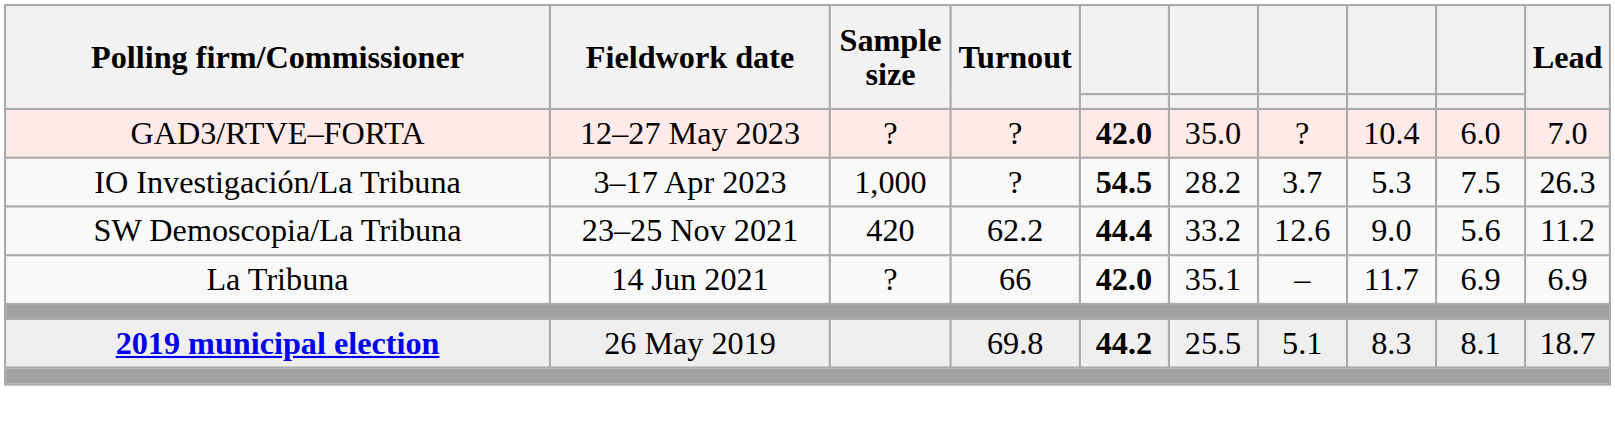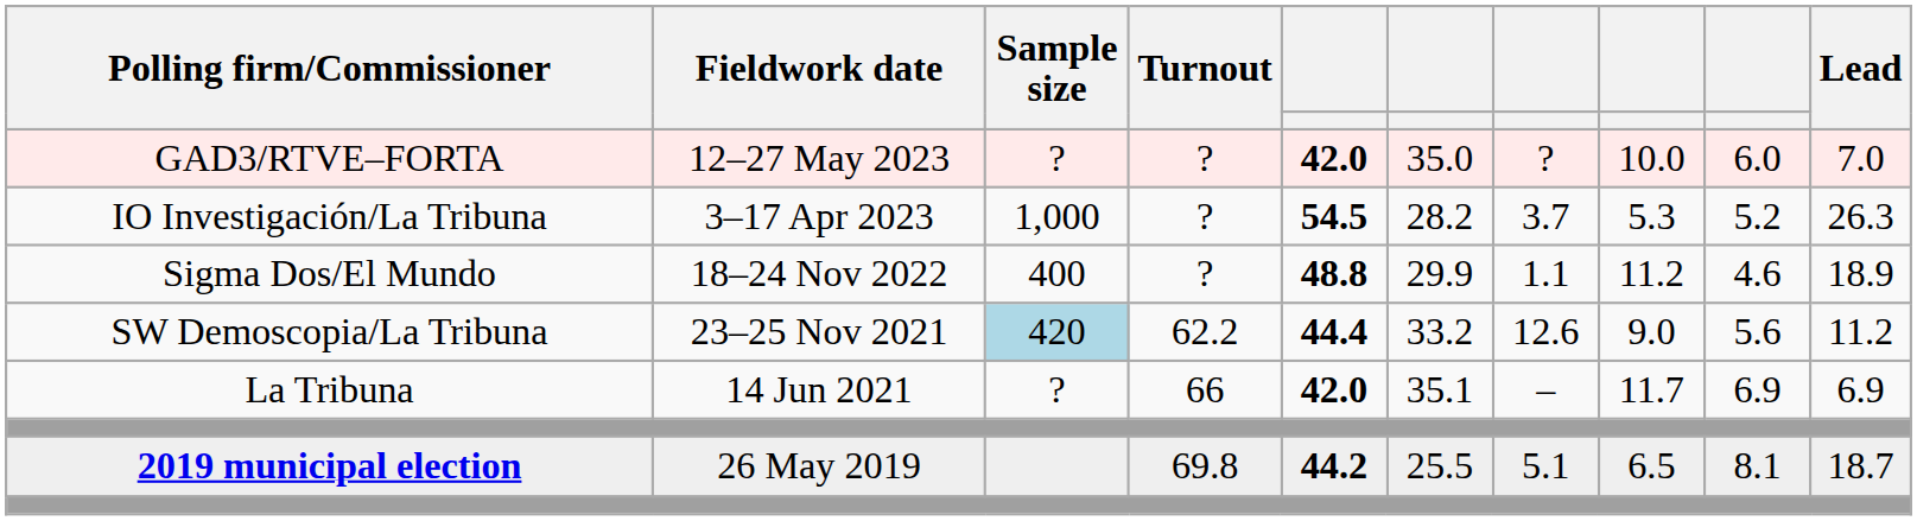 <table class="wikitable collapsible collapsed" style="text-align:center; font-size:95%; line-height:16px;">
 <tr style="height:42px;">
 <th style="width:250px;" rowspan="2">Polling firm/Commissioner</th>
 <th style="width:125px;" rowspan="2">Fieldwork date</th>
 <th style="width:50px;" rowspan="2">Sample size</th>
 <th style="width:45px;" rowspan="2">Turnout</th>
 <th style="width:35px;"></th>
 <th style="width:35px;"></th>
 <th style="width:35px;"></th>
 <th style="width:35px;"></th>
 <th style="width:35px;"></th>
 <th style="width:30px;" rowspan="2">Lead</th>
 </tr>
 <tr>
 <th style="color:inherit;background:"></th>
 <th style="color:inherit;background:"></th>
 <th style="color:inherit;background:"></th>
 <th style="color:inherit;background:"></th>
 <th style="color:inherit;background:"></th>
 </tr>
 <tr style="background:#FFEAEA;">
 <td>GAD3/RTVE–FORTA</td>
 <td>12–27 May 2023</td>
 <td>?</td>
 <td>?</td>
 <td><strong>42.0</strong><br></td>
 <td>35.0<br></td>
 <td>?<br></td>
-<td>10.4<br></td>
+<td>10.0<br></td>
 <td>6.0<br></td>
 <td style="background:">7.0</td>
 </tr>
 <tr>
 <td>IO Investigación/La Tribuna</td>
 <td>3–17 Apr 2023</td>
 <td>1,000</td>
 <td>?</td>
 <td><strong>54.5</strong><br></td>
 <td>28.2<br></td>
 <td>3.7<br></td>
 <td>5.3<br></td>
-<td>7.5<br></td>
+<td>5.2<br></td>
 <td style="background:">26.3</td>
+</tr>
+<tr>
+<td>Sigma Dos/El Mundo</td>
+<td>18–24 Nov 2022</td>
+<td>400</td>
+<td>?</td>
+<td><strong>48.8</strong><br></td>
+<td>29.9<br></td>
+<td>1.1<br></td>
+<td>11.2<br></td>
+<td>4.6<br></td>
+<td style="background:">18.9</td>
 </tr>
 <tr>
 <td>SW Demoscopia/La Tribuna</td>
 <td>23–25 Nov 2021</td>
-<td>420</td>
+<td style="background: lightblue;">420</td>
 <td>62.2</td>
 <td><strong>44.4</strong><br></td>
 <td>33.2<br></td>
 <td>12.6<br></td>
 <td>9.0<br></td>
 <td>5.6<br></td>
 <td style="background:">11.2</td>
 </tr>
 <tr>
 <td>La Tribuna</td>
 <td>14 Jun 2021</td>
 <td>?</td>
 <td>66</td>
 <td><strong>42.0</strong><br></td>
 <td>35.1<br></td>
 <td>–</td>
 <td>11.7<br></td>
 <td>6.9<br></td>
 <td style="background:">6.9</td>
 </tr>
 <tr>
 <td colspan="10" style="background:#A0A0A0"></td>
 </tr>
 <tr style="background:#EFEFEF;">
 <td><strong><a href='#'>2019 municipal election</a></strong></td>
 <td>26 May 2019</td>
 <td></td>
 <td>69.8</td>
 <td><strong>44.2</strong><br></td>
 <td>25.5<br></td>
 <td>5.1<br></td>
-<td>8.3<br></td>
+<td>6.5<br></td>
 <td>8.1<br></td>
 <td style="background:">18.7</td>
 </tr>
 <tr>
 <td colspan="10" style="background:#A0A0A0"></td>
 </tr>
 </table>
